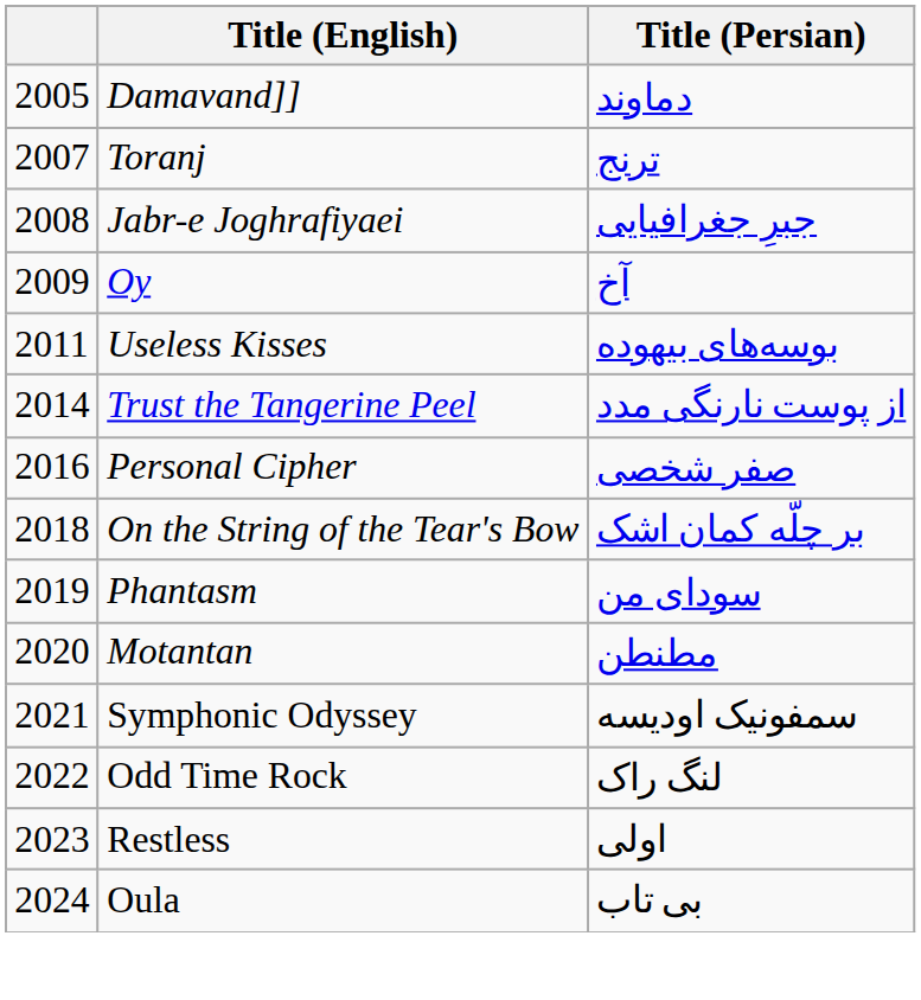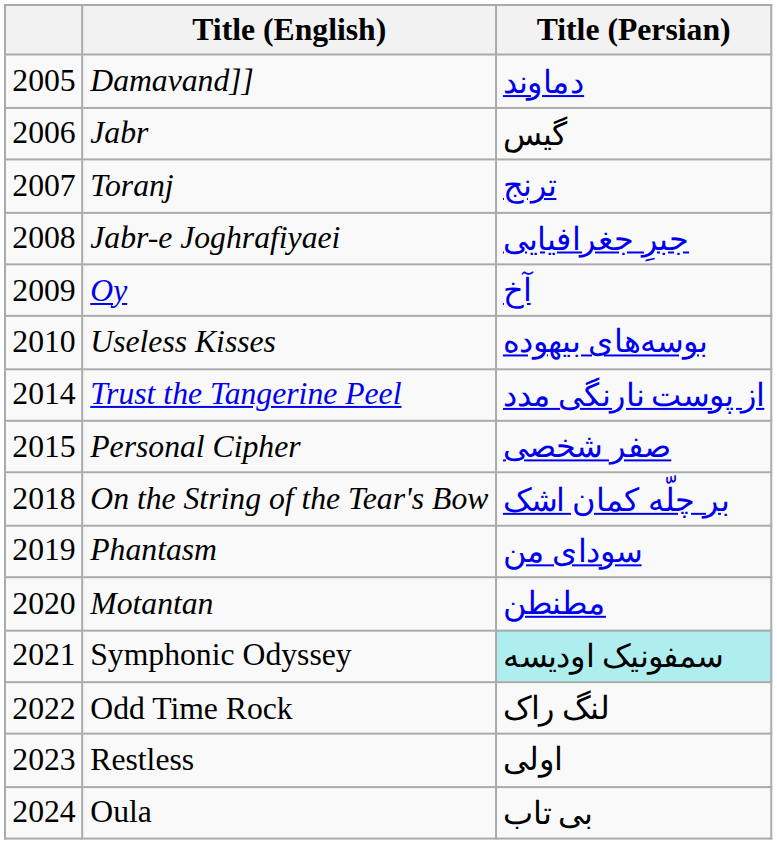 <table class="wikitable ">
 <tr>
 <th></th>
 <th>Title (English)</th>
 <th>Title (Persian)</th>
 </tr>
 <tr>
 <td>2005</td>
 <td><em>Damavand]]</em></td>
 <td><a href='#'>دماوند</a></td>
+</tr>
+<tr>
+<td>2006</td>
+<td><em>Jabr</em></td>
+<td>گیس</td>
 </tr>
 <tr>
 <td>2007</td>
 <td><em>Toranj</em></td>
 <td><a href='#'>ترنج</a></td>
 </tr>
 <tr>
 <td>2008</td>
 <td><em>Jabr-e Joghrafiyaei</em></td>
 <td><a href='#'>جبرِ جغرافیایی</a></td>
 </tr>
 <tr>
 <td>2009</td>
 <td><em><a href='#'>Oy</a></em></td>
 <td><a href='#'>آخ</a></td>
 </tr>
 <tr>
-<td>2011</td>
+<td>2010</td>
 <td><em>Useless Kisses</em></td>
 <td><a href='#'>بوسه‌های بیهوده</a></td>
 </tr>
 <tr>
 <td>2014</td>
 <td><em><a href='#'>Trust the Tangerine Peel</a></em></td>
 <td><a href='#'>از پوست نارنگی مدد</a></td>
 </tr>
 <tr>
-<td>2016</td>
+<td>2015</td>
 <td><em>Personal Cipher</em></td>
 <td><a href='#'>صفر شخصی</a></td>
 </tr>
 <tr>
 <td>2018</td>
 <td><em>On the String of the Tear's Bow</em></td>
 <td><a href='#'>بر چلّه کمان اشک</a></td>
 </tr>
 <tr>
 <td>2019</td>
 <td><em>Phantasm</em></td>
 <td><a href='#'>سودای من</a></td>
 </tr>
 <tr>
 <td>2020</td>
 <td><em>Motantan</em></td>
 <td><a href='#'>مطنطن</a></td>
 </tr>
 <tr>
 <td>2021</td>
 <td>Symphonic Odyssey</td>
-<td>سمفونیک اودیسه</td>
+<td style="background: paleturquoise;">سمفونیک اودیسه</td>
 </tr>
 <tr>
 <td>2022</td>
 <td>Odd Time Rock</td>
 <td>لنگ راک</td>
 </tr>
 <tr>
 <td>2023</td>
 <td>Restless</td>
 <td>اولى</td>
 </tr>
 <tr>
 <td>2024</td>
 <td>Oula</td>
 <td>بی تاب</td>
 </tr>
 </table>
